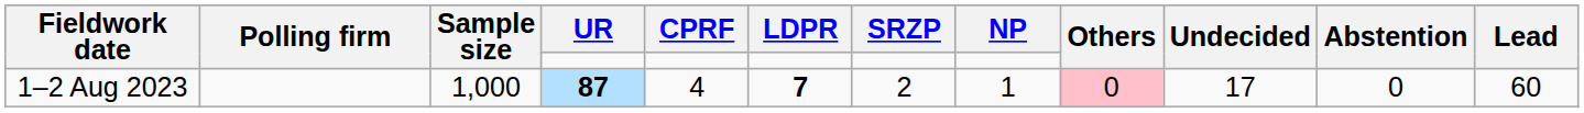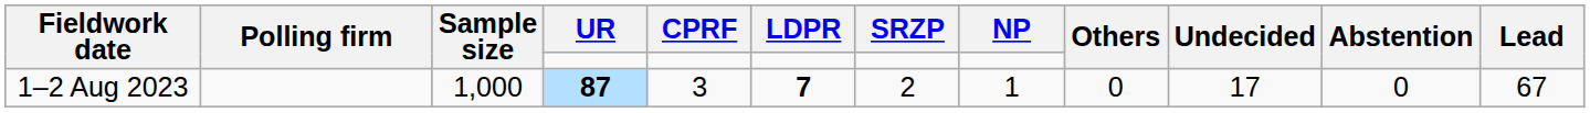 <table class=wikitable style="font-size:95%; line-height:14px; text-align:center">
 <tr>
 <th style=width:100px; rowspan=2>Fieldwork date</th>
 <th style=width:120px; rowspan=2>Polling firm</th>
 <th style=width:50px; rowspan=2>Sample<br>size</th>
 <th style="width:50px;"><a href='#'>UR</a></th>
 <th style="width:50px;"><a href='#'>CPRF</a></th>
 <th style="width:50px;"><a href='#'>LDPR</a></th>
 <th style="width:50px;"><a href='#'>SRZP</a></th>
 <th style="width:50px;"><a href='#'>NP</a></th>
 <th style="width:50px;" rowspan=2>Others</th>
 <th style="width:50px;" rowspan=2>Undecided</th>
 <th style="width:50px;" rowspan=2>Abstention</th>
 <th style="width:50px;" rowspan="2">Lead</th>
 </tr>
 <tr>
 <td bgcolor=></td>
 <td bgcolor=></td>
 <td bgcolor=></td>
 <td bgcolor=></td>
 <td bgcolor=></td>
 </tr>
 <tr>
 <td>1–2 Aug 2023</td>
 <td></td>
 <td>1,000</td>
 <td style="background:#B3E0FF"><strong>87</strong></td>
-<td>4</td>
+<td>3</td>
 <td><strong>7</strong></td>
 <td>2</td>
 <td>1</td>
-<td style="background: pink;">0</td>
+<td>0</td>
 <td>17</td>
 <td>0</td>
-<td style="background:">60</td>
+<td style="background:">67</td>
 </tr>
 </table>
